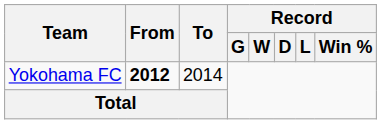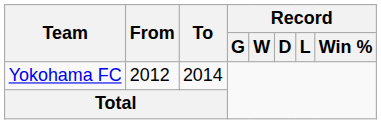 <table class="wikitable" style="text-align: center">
 <tr>
 <th rowspan="2">Team</th>
 <th rowspan="2">From</th>
 <th rowspan="2">To</th>
 <th colspan="5">Record</th>
 </tr>
 <tr>
 <th>G</th>
 <th>W</th>
 <th>D</th>
 <th>L</th>
 <th>Win %</th>
 </tr>
 <tr>
 <td align="left"><a href='#'>Yokohama FC</a></td>
-<td align="left"><strong>2012</strong></td>
+<td align="left">2012</td>
 <td align="left">2014<br></td>
 </tr>
 <tr>
 <th colspan="3">Total<br></th>
 </tr>
 </table>
